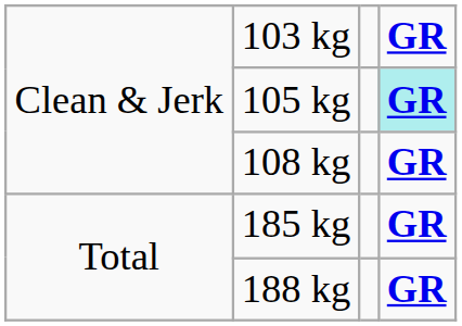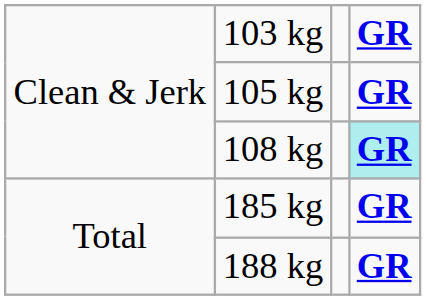 <table class = "wikitable" style="text-align:center;">
 <tr>
 <td rowspan=3>Clean & Jerk</td>
 <td>103 kg</td>
 <td align=left></td>
 <td><strong><a href='#'>GR</a></strong></td>
 </tr>
 <tr>
 <td>105 kg</td>
 <td align=left></td>
-<td style="background: paleturquoise;"><strong><a href='#'>GR</a></strong></td>
+<td><strong><a href='#'>GR</a></strong></td>
 </tr>
 <tr>
 <td>108 kg</td>
 <td align=left></td>
-<td><strong><a href='#'>GR</a></strong></td>
+<td style="background: paleturquoise;"><strong><a href='#'>GR</a></strong></td>
 </tr>
 <tr>
 <td rowspan=2>Total</td>
 <td>185 kg</td>
 <td align=left></td>
 <td><strong><a href='#'>GR</a></strong></td>
 </tr>
 <tr>
 <td>188 kg</td>
 <td align=left></td>
 <td><strong><a href='#'>GR</a></strong></td>
 </tr>
 </table>
